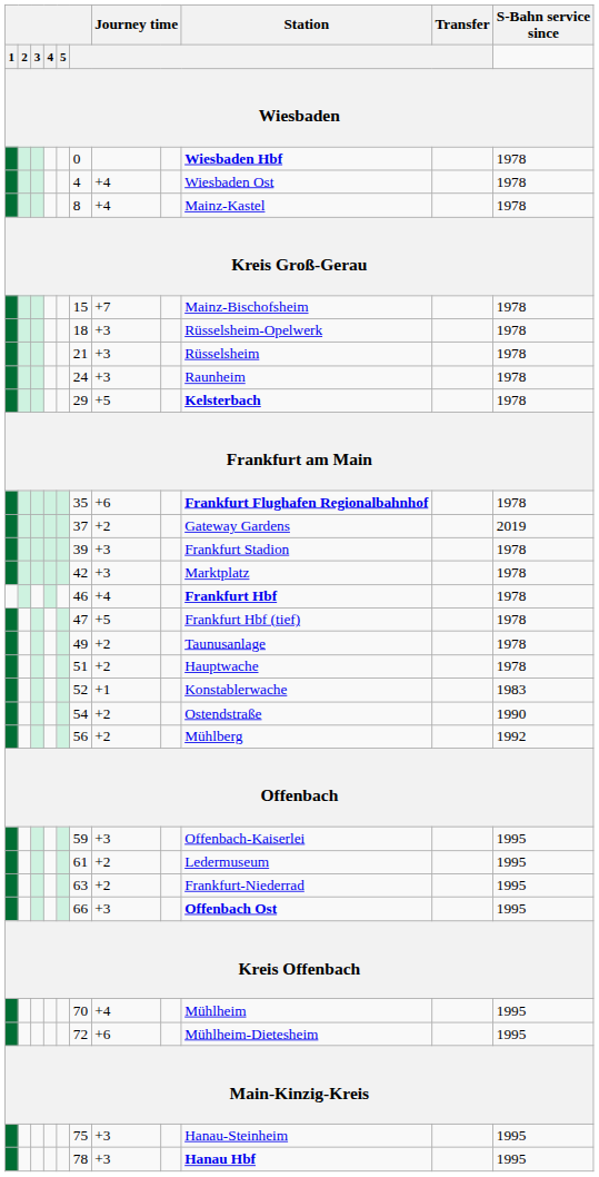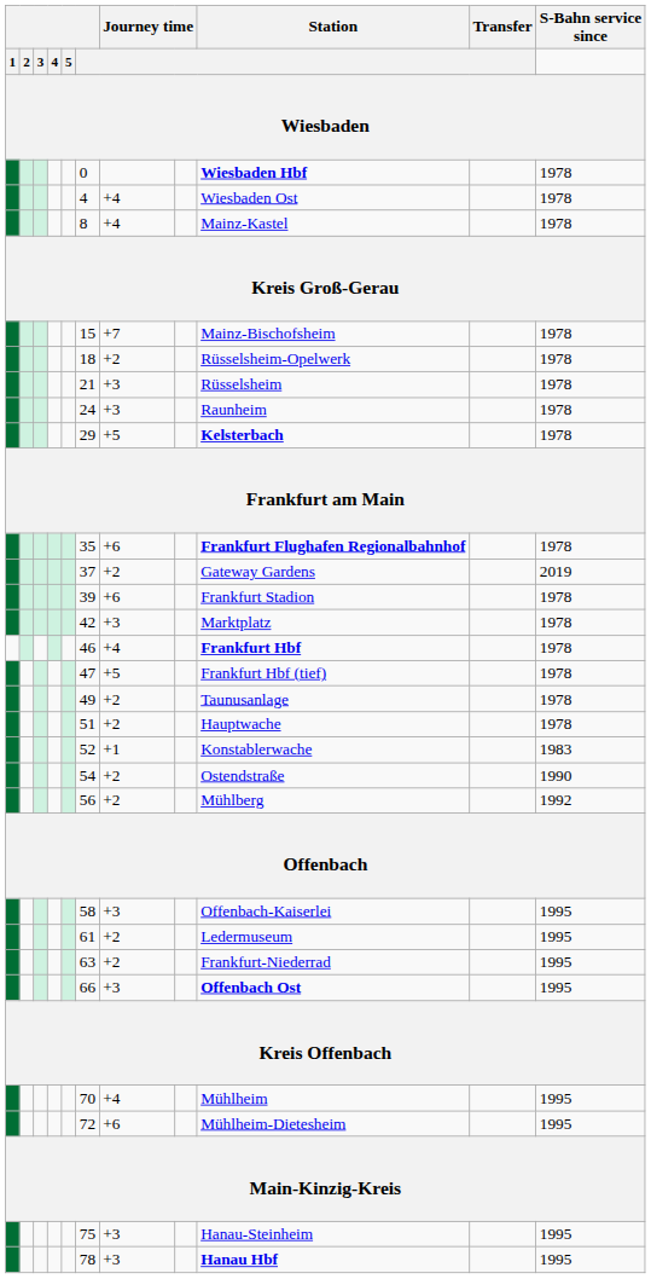 <table class="wikitable" summary="Stations of the S8 service">
 <tr>
 <th colspan="6" align="center" scope="col"></th>
 <th colspan="2">Journey time</th>
 <th scope="col">Station</th>
 <th scope="col">Transfer</th>
 <th scope="col">S-Bahn service<br>since</th>
 </tr>
 <tr>
 <th><small>1</small></th>
 <th><small>2</small></th>
 <th><small>3</small></th>
 <th><small>4</small></th>
 <th><small>5</small></th>
 <th colspan="5"></th>
 </tr>
 <tr>
 <th colspan="13" align="center" class="hintergrundfarbe5"><br><h3>Wiesbaden</h3></th>
 </tr>
 <tr>
 <td style="background-color:#006e34"></td>
 <td style="background-color:#cef2e0"></td>
 <td style="background-color:#cef2e0"></td>
 <td></td>
 <td></td>
 <td>0</td>
 <td></td>
 <td></td>
 <td><strong><a href='#'>Wiesbaden Hbf</a></strong></td>
 <td> </td>
 <td>1978</td>
 </tr>
 <tr>
 <td style="background-color:#006e34"></td>
 <td style="background-color:#cef2e0"></td>
 <td style="background-color:#cef2e0"></td>
 <td></td>
 <td></td>
 <td>4</td>
 <td>+4</td>
 <td></td>
 <td><a href='#'>Wiesbaden Ost</a></td>
 <td> </td>
 <td>1978</td>
 </tr>
 <tr>
 <td style="background-color:#006e34"></td>
 <td style="background-color:#cef2e0"></td>
 <td style="background-color:#cef2e0"></td>
 <td></td>
 <td></td>
 <td>8</td>
 <td>+4</td>
 <td></td>
 <td><a href='#'>Mainz-Kastel</a></td>
 <td></td>
 <td>1978</td>
 </tr>
 <tr>
 <th colspan="13" align="center" class="hintergrundfarbe5"><br><h3>Kreis Groß-Gerau</h3></th>
 </tr>
 <tr>
 <td style="background-color:#006e34"></td>
 <td style="background-color:#cef2e0"></td>
 <td style="background-color:#cef2e0"></td>
 <td></td>
 <td></td>
 <td>15</td>
 <td>+7</td>
 <td></td>
 <td><a href='#'>Mainz-Bischofsheim</a></td>
 <td></td>
 <td>1978</td>
 </tr>
 <tr>
 <td style="background-color:#006e34"></td>
 <td style="background-color:#cef2e0"></td>
 <td style="background-color:#cef2e0"></td>
 <td></td>
 <td></td>
 <td>18</td>
-<td>+3</td>
+<td>+2</td>
 <td></td>
 <td><a href='#'>Rüsselsheim-Opelwerk</a></td>
 <td></td>
 <td>1978</td>
 </tr>
 <tr>
 <td style="background-color:#006e34"></td>
 <td style="background-color:#cef2e0"></td>
 <td style="background-color:#cef2e0"></td>
 <td></td>
 <td></td>
 <td>21</td>
 <td>+3</td>
 <td></td>
 <td><a href='#'>Rüsselsheim</a></td>
 <td></td>
 <td>1978</td>
 </tr>
 <tr>
 <td style="background-color:#006e34"></td>
 <td style="background-color:#cef2e0"></td>
 <td style="background-color:#cef2e0"></td>
 <td></td>
 <td></td>
 <td>24</td>
 <td>+3</td>
 <td></td>
 <td><a href='#'>Raunheim</a></td>
 <td></td>
 <td>1978</td>
 </tr>
 <tr>
 <td style="background-color:#006e34"></td>
 <td style="background-color:#cef2e0"></td>
 <td style="background-color:#cef2e0"></td>
 <td></td>
 <td></td>
 <td>29</td>
 <td>+5</td>
 <td></td>
 <td><strong><a href='#'>Kelsterbach</a></strong></td>
 <td></td>
 <td>1978</td>
 </tr>
 <tr>
 <th colspan="13" align="center" class="hintergrundfarbe5"><br><h3>Frankfurt am Main</h3></th>
 </tr>
 <tr>
 <td style="background-color:#006e34"></td>
 <td style="background-color:#cef2e0"></td>
 <td style="background-color:#cef2e0"></td>
 <td style="background-color:#cef2e0"></td>
 <td style="background-color:#cef2e0"></td>
 <td>35</td>
 <td>+6</td>
 <td></td>
 <td><strong><a href='#'>Frankfurt Flughafen Regionalbahnhof</a></strong></td>
 <td></td>
 <td>1978</td>
 </tr>
 <tr>
 <td style="background-color:#006e34"></td>
 <td style="background-color:#cef2e0"></td>
 <td style="background-color:#cef2e0"></td>
 <td style="background-color:#cef2e0"></td>
 <td style="background-color:#cef2e0"></td>
 <td>37</td>
 <td>+2 </td>
 <td></td>
 <td><a href='#'>Gateway Gardens</a></td>
 <td></td>
 <td>2019</td>
 </tr>
 <tr>
 <td style="background-color:#006e34"></td>
 <td style="background-color:#cef2e0"></td>
 <td style="background-color:#cef2e0"></td>
 <td style="background-color:#cef2e0"></td>
 <td style="background-color:#cef2e0"></td>
 <td>39</td>
-<td>+3 </td>
+<td>+6 </td>
 <td></td>
 <td><a href='#'>Frankfurt Stadion</a></td>
 <td> </td>
 <td>1978</td>
 </tr>
 <tr>
 <td style="background-color:#006e34"></td>
 <td style="background-color:#cef2e0"></td>
 <td style="background-color:#cef2e0"></td>
 <td style="background-color:#cef2e0"></td>
 <td style="background-color:#cef2e0"></td>
 <td>42</td>
 <td>+3</td>
 <td></td>
 <td><a href='#'>Marktplatz</a></td>
 <td> </td>
 <td>1978</td>
 </tr>
 <tr>
 <td></td>
 <td style="background-color:#cef2e0"></td>
 <td></td>
 <td style="background-color:#cef2e0"></td>
 <td></td>
 <td>46</td>
 <td>+4</td>
 <td></td>
 <td><strong><a href='#'>Frankfurt Hbf</a></strong></td>
 <td>         </td>
 <td>1978</td>
 </tr>
 <tr>
 <td style="background-color:#006e34"></td>
 <td></td>
 <td style="background-color:#cef2e0"></td>
 <td></td>
 <td style="background-color:#cef2e0"></td>
 <td>47</td>
 <td>+5</td>
 <td></td>
 <td><a href='#'>Frankfurt Hbf (tief)</a></td>
 <td>         </td>
 <td>1978</td>
 </tr>
 <tr>
 <td style="background-color:#006e34"></td>
 <td></td>
 <td style="background-color:#cef2e0"></td>
 <td></td>
 <td style="background-color:#cef2e0"></td>
 <td>49</td>
 <td>+2</td>
 <td></td>
 <td><a href='#'>Taunusanlage</a></td>
 <td>      </td>
 <td>1978</td>
 </tr>
 <tr>
 <td style="background-color:#006e34"></td>
 <td></td>
 <td style="background-color:#cef2e0"></td>
 <td></td>
 <td style="background-color:#cef2e0"></td>
 <td>51</td>
 <td>+2</td>
 <td></td>
 <td><a href='#'>Hauptwache</a></td>
 <td>            </td>
 <td>1978</td>
 </tr>
 <tr>
 <td style="background-color:#006e34"></td>
 <td></td>
 <td style="background-color:#cef2e0"></td>
 <td></td>
 <td style="background-color:#cef2e0"></td>
 <td>52</td>
 <td>+1</td>
 <td></td>
 <td><a href='#'>Konstablerwache</a></td>
 <td>          </td>
 <td>1983</td>
 </tr>
 <tr>
 <td style="background-color:#006e34"></td>
 <td></td>
 <td style="background-color:#cef2e0"></td>
 <td></td>
 <td style="background-color:#cef2e0"></td>
 <td>54</td>
 <td>+2</td>
 <td></td>
 <td><a href='#'>Ostendstraße</a></td>
 <td>      </td>
 <td>1990</td>
 </tr>
 <tr>
 <td style="background-color:#006e34"></td>
 <td></td>
 <td style="background-color:#cef2e0"></td>
 <td></td>
 <td style="background-color:#cef2e0"></td>
 <td>56</td>
 <td>+2</td>
 <td></td>
 <td><a href='#'>Mühlberg</a></td>
 <td>  </td>
 <td>1992</td>
 </tr>
 <tr>
 <th colspan="13" align="center" class="hintergrundfarbe5"><br><h3>Offenbach</h3></th>
 </tr>
 <tr>
 <td style="background-color:#006e34"></td>
 <td></td>
 <td style="background-color:#cef2e0"></td>
 <td></td>
 <td style="background-color:#cef2e0"></td>
-<td>59</td>
+<td>58</td>
 <td>+3</td>
 <td></td>
 <td><a href='#'>Offenbach-Kaiserlei</a></td>
 <td>  </td>
 <td>1995</td>
 </tr>
 <tr>
 <td style="background-color:#006e34"></td>
 <td></td>
 <td style="background-color:#cef2e0"></td>
 <td></td>
 <td style="background-color:#cef2e0"></td>
 <td>61</td>
 <td>+2</td>
 <td></td>
 <td><a href='#'>Ledermuseum</a></td>
 <td>  </td>
 <td>1995</td>
 </tr>
 <tr>
 <td style="background-color:#006e34"></td>
 <td></td>
 <td style="background-color:#cef2e0"></td>
 <td></td>
 <td style="background-color:#cef2e0"></td>
 <td>63</td>
 <td>+2</td>
 <td></td>
 <td><a href='#'>Frankfurt-Niederrad</a></td>
 <td>  </td>
 <td>1995</td>
 </tr>
 <tr>
 <td style="background-color:#006e34"></td>
 <td></td>
 <td style="background-color:#cef2e0"></td>
 <td></td>
 <td style="background-color:#cef2e0"></td>
 <td>66</td>
 <td>+3</td>
 <td></td>
 <td><strong><a href='#'>Offenbach Ost</a></strong></td>
 <td>  </td>
 <td>1995</td>
 </tr>
 <tr>
 <th colspan="13" align="center" class="hintergrundfarbe5"><br><h3>Kreis Offenbach</h3></th>
 </tr>
 <tr>
 <td style="background-color:#006e34"></td>
 <td></td>
 <td></td>
 <td></td>
 <td></td>
 <td>70</td>
 <td>+4</td>
 <td></td>
 <td><a href='#'>Mühlheim</a></td>
 <td></td>
 <td>1995</td>
 </tr>
 <tr>
 <td style="background-color:#006e34"></td>
 <td></td>
 <td></td>
 <td></td>
 <td></td>
 <td>72</td>
 <td>+6</td>
 <td></td>
 <td><a href='#'>Mühlheim-Dietesheim</a></td>
 <td></td>
 <td>1995</td>
 </tr>
 <tr>
 <th colspan="13" align="center" class="hintergrundfarbe5"><br><h3>Main-Kinzig-Kreis</h3></th>
 </tr>
 <tr>
 <td style="background-color:#006e34"></td>
 <td></td>
 <td></td>
 <td></td>
 <td></td>
 <td>75</td>
 <td>+3</td>
 <td></td>
 <td><a href='#'>Hanau-Steinheim</a></td>
 <td></td>
 <td>1995</td>
 </tr>
 <tr>
 <td style="background-color:#006e34"></td>
 <td></td>
 <td></td>
 <td></td>
 <td></td>
 <td>78</td>
 <td>+3</td>
 <td></td>
 <td><strong><a href='#'>Hanau Hbf</a></strong></td>
 <td></td>
 <td>1995</td>
 </tr>
 </table>
